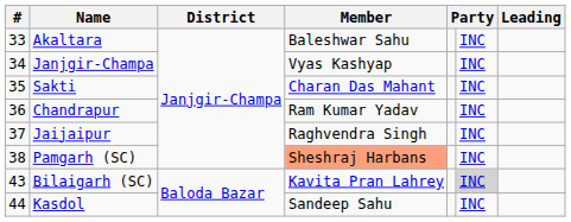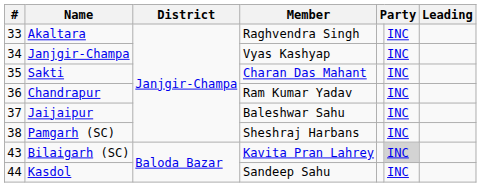 <table class="wikitable">
 <tr>
 <th>#</th>
 <th>Name</th>
 <th>District</th>
 <th>Member</th>
 <th colspan="2">Party</th>
 <th colspan="2">Leading<br></th>
 </tr>
 <tr>
 <td>33</td>
 <td><a href='#'>Akaltara</a></td>
 <td rowspan="6"><a href='#'>Janjgir-Champa</a></td>
-<td>Baleshwar Sahu</td>
+<td>Raghvendra Singh</td>
 <td style="background-color: "></td>
 <td><a href='#'>INC</a></td>
 <td></td>
 </tr>
 <tr>
 <td>34</td>
 <td><a href='#'>Janjgir-Champa</a></td>
 <td>Vyas Kashyap</td>
 <td style="background-color: "></td>
 <td><a href='#'>INC</a></td>
 <td></td>
 </tr>
 <tr>
 <td>35</td>
 <td><a href='#'>Sakti</a></td>
 <td><a href='#'>Charan Das Mahant</a></td>
 <td style="background-color: "></td>
 <td><a href='#'>INC</a></td>
 <td></td>
 </tr>
 <tr>
 <td>36</td>
 <td><a href='#'>Chandrapur</a></td>
 <td>Ram Kumar Yadav</td>
 <td style="background-color: "></td>
 <td><a href='#'>INC</a></td>
 <td></td>
 </tr>
 <tr>
 <td>37</td>
 <td><a href='#'>Jaijaipur</a></td>
-<td>Raghvendra Singh</td>
+<td>Baleshwar Sahu</td>
 <td style="background-color: "></td>
 <td><a href='#'>INC</a></td>
 <td></td>
 </tr>
 <tr>
 <td>38</td>
 <td><a href='#'>Pamgarh</a> (SC)</td>
-<td style="background: lightsalmon;">Sheshraj Harbans</td>
+<td>Sheshraj Harbans</td>
 <td style="background-color: "></td>
 <td><a href='#'>INC</a></td>
 <td></td>
 </tr>
 <tr>
 <td>43</td>
 <td><a href='#'>Bilaigarh</a> (SC)</td>
 <td rowspan="2"><a href='#'>Baloda Bazar</a></td>
 <td><a href='#'>Kavita Pran Lahrey</a></td>
 <td style="background-color: "></td>
 <td style="background: lightgrey;"><a href='#'>INC</a></td>
 <td></td>
 </tr>
 <tr>
 <td>44</td>
 <td><a href='#'>Kasdol</a></td>
 <td>Sandeep Sahu</td>
 <td style="background-color: "></td>
 <td><a href='#'>INC</a></td>
 <td></td>
 </tr>
 </table>
